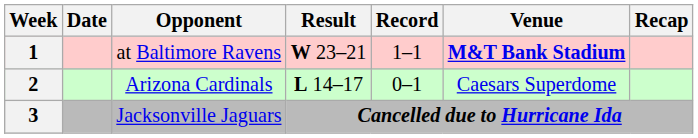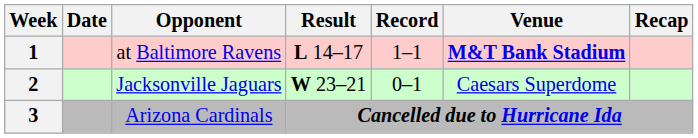 <table class="wikitable" style="text-align:center">
 <tr>
 <th>Week</th>
 <th>Date</th>
 <th>Opponent</th>
 <th>Result</th>
 <th>Record</th>
 <th>Venue</th>
 <th>Recap</th>
 </tr>
 <tr style="background:#fcc">
 <th>1</th>
 <td></td>
 <td>at <a href='#'>Baltimore Ravens</a></td>
-<td><strong>W</strong> 23–21</td>
+<td><strong>L</strong> 14–17</td>
 <td>1–1</td>
 <td><strong><a href='#'>M&T Bank Stadium</a></strong></td>
 <td></td>
 </tr>
 <tr style="background:#cfc">
 <th>2</th>
 <td></td>
-<td><a href='#'>Arizona Cardinals</a></td>
-<td><strong>L</strong> 14–17</td>
+<td><a href='#'>Jacksonville Jaguars</a></td>
+<td><strong>W</strong> 23–21</td>
 <td>0–1</td>
 <td><a href='#'>Caesars Superdome</a></td>
 <td></td>
 </tr>
 <tr style="background:#bababa">
 <th>3</th>
 <td></td>
-<td><a href='#'>Jacksonville Jaguars</a></td>
+<td><a href='#'>Arizona Cardinals</a></td>
 <td colspan="4"><strong><em>Cancelled due to <a href='#'>Hurricane Ida</a></em></strong></td>
 </tr>
 </table>
